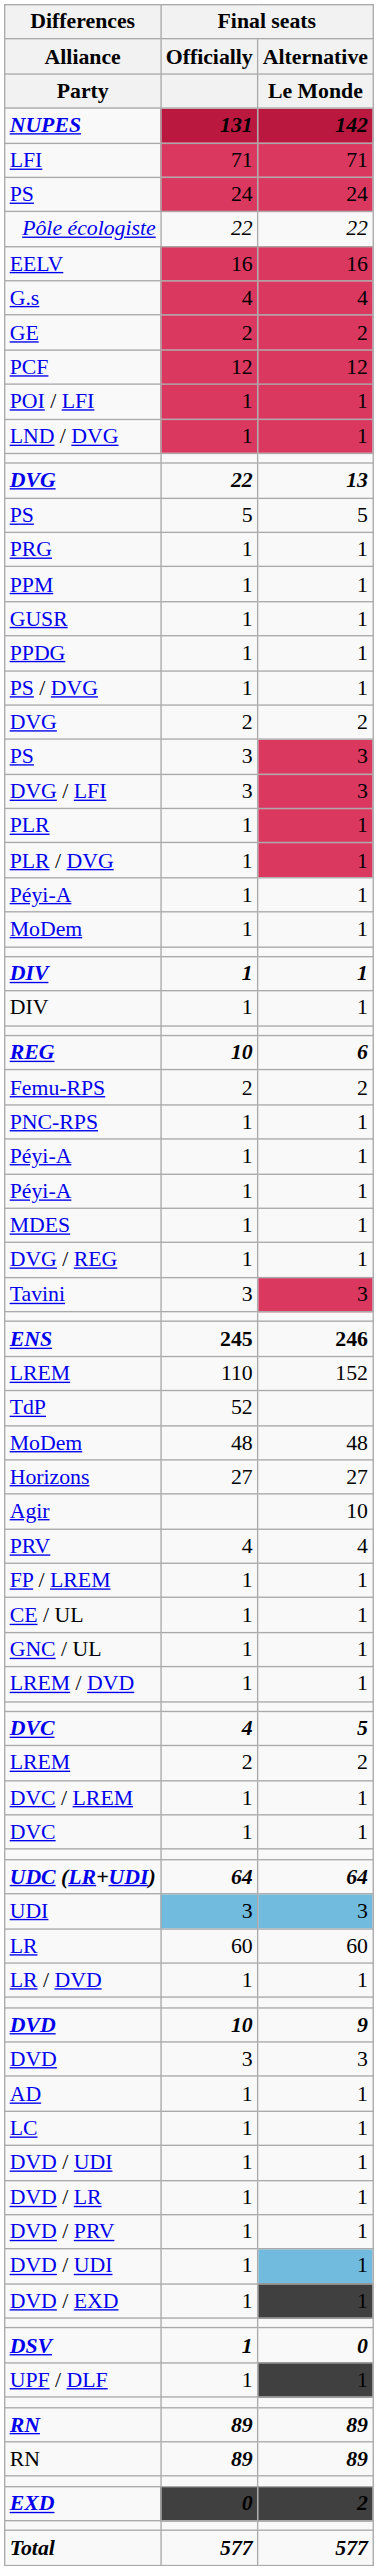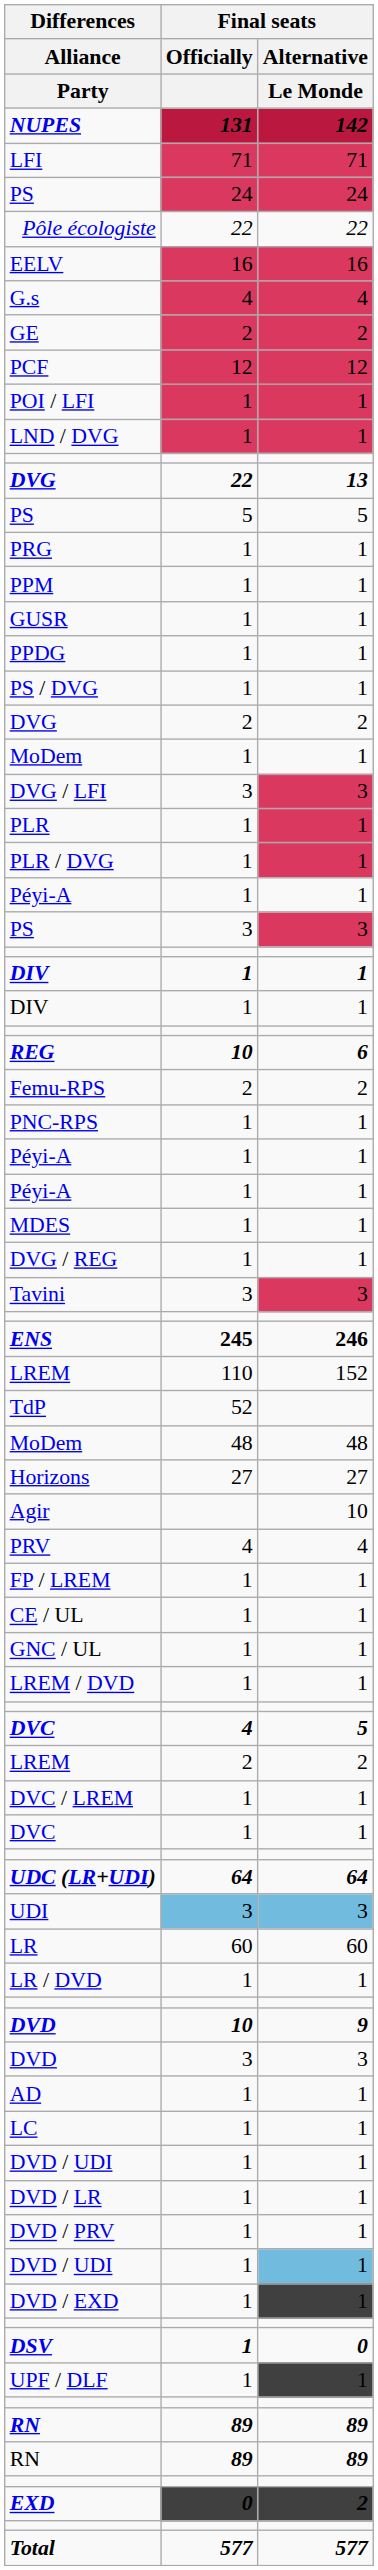 <table class="wikitable collapsible collapsed" style="text-align:right">
 <tr>
 <th>Differences</th>
 <th colspan="2">Final seats</th>
 </tr>
 <tr>
 <th>Alliance</th>
 <th>Officially</th>
 <th>Alternative</th>
 </tr>
 <tr>
 <th>Party</th>
 <th></th>
 <th>Le Monde</th>
 </tr>
 <tr>
 <td style="text-align:left"><strong><em><a href='#'>NUPES</a></em></strong></td>
 <td bgcolor=#BB1840><strong><em>131</em></strong></td>
 <td bgcolor=#BB1840><strong><em>142</em></strong></td>
 </tr>
 <tr>
 <td style="text-align:left"><a href='#'>LFI</a></td>
 <td bgcolor=#DB3860>71</td>
 <td bgcolor=#DB3860>71</td>
 </tr>
 <tr>
 <td style="text-align:left"><a href='#'>PS</a></td>
 <td bgcolor=#DB3860>24</td>
 <td bgcolor=#DB3860>24</td>
 </tr>
 <tr>
 <td style:"text-align:left"><em><a href='#'>Pôle écologiste</a></em></td>
 <td><em>22</em></td>
 <td><em>22</em></td>
 </tr>
 <tr>
 <td style="text-align:left"><a href='#'>EELV</a></td>
 <td bgcolor=#DB3860>16</td>
 <td bgcolor=#DB3860>16</td>
 </tr>
 <tr>
 <td style="text-align:left"><a href='#'>G.s</a></td>
 <td bgcolor=#DB3860>4</td>
 <td bgcolor=#DB3860>4</td>
 </tr>
 <tr>
 <td style="text-align:left"><a href='#'>GE</a></td>
 <td bgcolor=#DB3860>2</td>
 <td bgcolor=#DB3860>2</td>
 </tr>
 <tr>
 <td style="text-align:left"><a href='#'>PCF</a></td>
 <td bgcolor=#DB3860>12</td>
 <td bgcolor=#DB3860>12</td>
 </tr>
 <tr>
 <td style="text-align:left"><a href='#'>POI</a> / <a href='#'>LFI</a></td>
 <td bgcolor=#DB3860>1</td>
 <td bgcolor=#DB3860>1</td>
 </tr>
 <tr>
 <td style="text-align:left"><a href='#'>LND</a> / <a href='#'>DVG</a></td>
 <td bgcolor=#DB3860>1</td>
 <td bgcolor=#DB3860>1</td>
 </tr>
 <tr>
 <td></td>
 <td></td>
 <td></td>
 </tr>
 <tr>
 <td style="text-align:left"><strong><em><a href='#'>DVG</a></em></strong></td>
 <td><strong><em>22</em></strong></td>
 <td><strong><em>13</em></strong></td>
 </tr>
 <tr>
 <td style="text-align:left"><a href='#'>PS</a></td>
 <td>5</td>
 <td>5</td>
 </tr>
 <tr>
 <td style="text-align:left"><a href='#'>PRG</a></td>
 <td>1</td>
 <td>1</td>
 </tr>
 <tr>
 <td style="text-align:left"><a href='#'>PPM</a></td>
 <td>1</td>
 <td>1</td>
 </tr>
 <tr>
 <td style="text-align:left"><a href='#'>GUSR</a></td>
 <td>1</td>
 <td>1</td>
 </tr>
 <tr>
 <td style="text-align:left"><a href='#'>PPDG</a></td>
 <td>1</td>
 <td>1</td>
 </tr>
 <tr>
 <td style="text-align:left"><a href='#'>PS</a> / <a href='#'>DVG</a></td>
 <td>1</td>
 <td>1</td>
 </tr>
 <tr>
 <td style="text-align:left"><a href='#'>DVG</a></td>
 <td>2</td>
 <td>2</td>
 </tr>
 <tr>
-<td style="text-align:left"><a href='#'>PS</a></td>
-<td>3</td>
-<td bgcolor=#DB3860>3</td>
+<td style="text-align:left"><a href='#'>MoDem</a></td>
+<td>1</td>
+<td>1</td>
 </tr>
 <tr>
 <td style="text-align:left"><a href='#'>DVG</a> / <a href='#'>LFI</a></td>
 <td>3</td>
 <td bgcolor=#DB3860>3</td>
 </tr>
 <tr>
 <td style="text-align:left"><a href='#'>PLR</a></td>
 <td>1</td>
 <td bgcolor=#DB3860>1</td>
 </tr>
 <tr>
 <td style="text-align:left"><a href='#'>PLR</a> / <a href='#'>DVG</a></td>
 <td>1</td>
 <td bgcolor=#DB3860>1</td>
 </tr>
 <tr>
 <td style="text-align:left"><a href='#'>Péyi-A</a></td>
 <td>1</td>
 <td>1</td>
 </tr>
 <tr>
-<td style="text-align:left"><a href='#'>MoDem</a></td>
-<td>1</td>
-<td>1</td>
+<td style="text-align:left"><a href='#'>PS</a></td>
+<td>3</td>
+<td bgcolor=#DB3860>3</td>
 </tr>
 <tr>
 <td></td>
 <td></td>
 <td></td>
 </tr>
 <tr>
 <td style="text-align:left"><strong><em><a href='#'>DIV</a></em></strong></td>
 <td><strong><em>1</em></strong></td>
 <td><strong><em>1</em></strong></td>
 </tr>
 <tr>
 <td style="text-align:left">DIV</td>
 <td>1</td>
 <td>1</td>
 </tr>
 <tr>
 <td></td>
 <td></td>
 <td></td>
 </tr>
 <tr>
 <td style="text-align:left"><strong><em><a href='#'>REG</a></em></strong></td>
 <td><strong><em>10</em></strong></td>
 <td><strong><em>6</em></strong></td>
 </tr>
 <tr>
 <td style="text-align:left"><a href='#'>Femu-RPS</a></td>
 <td>2</td>
 <td>2</td>
 </tr>
 <tr>
 <td style="text-align:left"><a href='#'>PNC-RPS</a></td>
 <td>1</td>
 <td>1</td>
 </tr>
 <tr>
 <td style="text-align:left"><a href='#'>Péyi-A</a></td>
 <td>1</td>
 <td>1</td>
 </tr>
 <tr>
 <td style="text-align:left"><a href='#'>Péyi-A</a></td>
 <td>1</td>
 <td>1</td>
 </tr>
 <tr>
 <td style="text-align:left"><a href='#'>MDES</a></td>
 <td>1</td>
 <td>1</td>
 </tr>
 <tr>
 <td style="text-align:left"><a href='#'>DVG</a> / <a href='#'>REG</a></td>
 <td>1</td>
 <td>1</td>
 </tr>
 <tr>
 <td style="text-align:left"><a href='#'>Tavini</a></td>
 <td>3</td>
 <td bgcolor=#DB3860>3</td>
 </tr>
 <tr>
 <td></td>
 <td></td>
 <td></td>
 </tr>
 <tr>
 <td style="text-align:left"><strong><em><a href='#'>ENS</a></em></strong></td>
 <td><strong>245</strong></td>
 <td><strong>246</strong></td>
 </tr>
 <tr>
 <td style="text-align:left"><a href='#'>LREM</a></td>
 <td>110</td>
 <td>152</td>
 </tr>
 <tr>
 <td style="text-align:left"><a href='#'>TdP</a></td>
 <td>52</td>
 <td></td>
 </tr>
 <tr>
 <td style="text-align:left"><a href='#'>MoDem</a></td>
 <td>48</td>
 <td>48</td>
 </tr>
 <tr>
 <td style="text-align:left"><a href='#'>Horizons</a></td>
 <td>27</td>
 <td>27</td>
 </tr>
 <tr>
 <td style="text-align:left"><a href='#'>Agir</a></td>
 <td></td>
 <td>10</td>
 </tr>
 <tr>
 <td style="text-align:left"><a href='#'>PRV</a></td>
 <td>4</td>
 <td>4</td>
 </tr>
 <tr>
 <td style="text-align:left"><a href='#'>FP</a> / <a href='#'>LREM</a></td>
 <td>1</td>
 <td>1</td>
 </tr>
 <tr>
 <td style="text-align:left"><a href='#'>CE</a> / UL</td>
 <td>1</td>
 <td>1</td>
 </tr>
 <tr>
 <td style="text-align:left"><a href='#'>GNC</a> / UL</td>
 <td>1</td>
 <td>1</td>
 </tr>
 <tr>
 <td style="text-align:left"><a href='#'>LREM</a> / <a href='#'>DVD</a></td>
 <td>1</td>
 <td>1</td>
 </tr>
 <tr>
 <td></td>
 <td></td>
 <td></td>
 </tr>
 <tr>
 <td style="text-align:left"><strong><em><a href='#'>DVC</a></em></strong></td>
 <td><strong><em>4</em></strong></td>
 <td><strong><em>5</em></strong></td>
 </tr>
 <tr>
 <td style="text-align:left"><a href='#'>LREM</a></td>
 <td>2</td>
 <td>2</td>
 </tr>
 <tr>
 <td style="text-align:left"><a href='#'>DVC</a> / <a href='#'>LREM</a></td>
 <td>1</td>
 <td>1</td>
 </tr>
 <tr>
 <td style="text-align:left"><a href='#'>DVC</a></td>
 <td>1</td>
 <td>1</td>
 </tr>
 <tr>
 <td></td>
 <td></td>
 <td></td>
 </tr>
 <tr>
 <td style="text-align:left"><strong><em><a href='#'>UDC</a> (<a href='#'>LR</a>+<a href='#'>UDI</a>)</em></strong></td>
 <td><strong><em>64</em></strong></td>
 <td><strong><em>64</em></strong></td>
 </tr>
 <tr>
 <td style="text-align:left"><a href='#'>UDI</a></td>
 <td bgcolor=#71BBDE>3</td>
 <td bgcolor=#71BBDE>3</td>
 </tr>
 <tr>
 <td style="text-align:left"><a href='#'>LR</a></td>
 <td>60</td>
 <td>60</td>
 </tr>
 <tr>
 <td style="text-align:left"><a href='#'>LR</a> / <a href='#'>DVD</a></td>
 <td>1</td>
 <td>1</td>
 </tr>
 <tr>
 <td></td>
 <td></td>
 <td></td>
 </tr>
 <tr>
 <td style="text-align:left"><strong><em><a href='#'>DVD</a></em></strong></td>
 <td><strong><em>10</em></strong></td>
 <td><strong><em>9</em></strong></td>
 </tr>
 <tr>
 <td style="text-align:left"><a href='#'>DVD</a></td>
 <td>3</td>
 <td>3</td>
 </tr>
 <tr>
 <td style="text-align:left"><a href='#'>AD</a></td>
 <td>1</td>
 <td>1</td>
 </tr>
 <tr>
 <td style="text-align:left"><a href='#'>LC</a></td>
 <td>1</td>
 <td>1</td>
 </tr>
 <tr>
 <td style="text-align:left"><a href='#'>DVD</a> / <a href='#'>UDI</a></td>
 <td>1</td>
 <td>1</td>
 </tr>
 <tr>
 <td style="text-align:left"><a href='#'>DVD</a> / <a href='#'>LR</a></td>
 <td>1</td>
 <td>1</td>
 </tr>
 <tr>
 <td style="text-align:left"><a href='#'>DVD</a> / <a href='#'>PRV</a></td>
 <td>1</td>
 <td>1</td>
 </tr>
 <tr>
 <td style="text-align:left"><a href='#'>DVD</a> / <a href='#'>UDI</a></td>
 <td>1</td>
 <td bgcolor=#71BBDE>1</td>
 </tr>
 <tr>
 <td style="text-align:left"><a href='#'>DVD</a> / <a href='#'>EXD</a></td>
 <td>1</td>
 <td bgcolor=#404040><span>1</span></td>
 </tr>
 <tr>
 <td></td>
 <td></td>
 <td></td>
 </tr>
 <tr>
 <td style="text-align:left"><strong><em><a href='#'>DSV</a></em></strong></td>
 <td><strong><em>1</em></strong></td>
 <td><strong><em>0</em></strong></td>
 </tr>
 <tr>
 <td style="text-align:left"><a href='#'>UPF</a> / <a href='#'>DLF</a></td>
 <td>1</td>
 <td bgcolor="#404040"><span>1</span></td>
 </tr>
 <tr>
 <td></td>
 <td></td>
 <td></td>
 </tr>
 <tr>
 <td style="text-align:left"><strong><em><a href='#'>RN</a></em></strong></td>
 <td><span><strong><em>89</em></strong></span></td>
 <td><span><strong><em>89</em></strong></span></td>
 </tr>
 <tr>
 <td style="text-align:left">RN</td>
 <td><span><strong><em>89</em></strong></span></td>
 <td><span><strong><em>89</em></strong></span></td>
 </tr>
 <tr>
 <td></td>
 <td></td>
 <td></td>
 </tr>
 <tr>
 <td style="text-align:left"><strong><em><a href='#'>EXD</a></em></strong></td>
 <td bgcolor="#404040"><span><strong><em>0</em></strong></span></td>
 <td bgcolor="#404040"><span><strong><em>2</em></strong></span></td>
 </tr>
 <tr>
 <td></td>
 <td></td>
 <td></td>
 </tr>
 <tr>
 <td style="text-align:left"><strong><em>Total</em></strong></td>
 <td><strong><em>577</em></strong></td>
 <td><strong><em>577</em></strong></td>
 </tr>
 </table>
